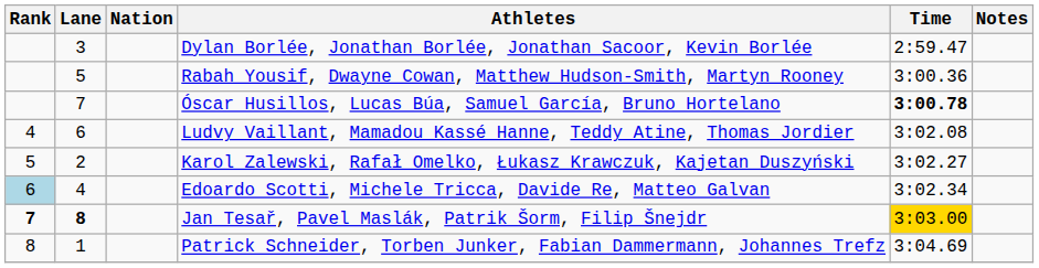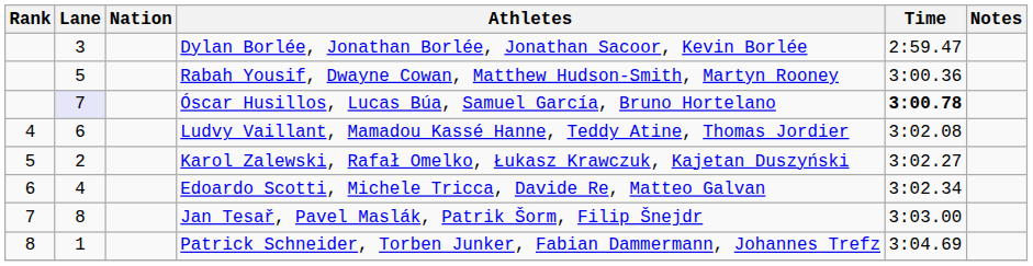 <table class="wikitable sortable" style="text-align:center">
 <tr>
 <th>Rank</th>
 <th>Lane</th>
 <th>Nation</th>
 <th>Athletes</th>
 <th>Time</th>
 <th>Notes</th>
 </tr>
 <tr>
 <td></td>
 <td>3</td>
 <td align=left></td>
 <td align=left><a href='#'>Dylan Borlée</a>, <a href='#'>Jonathan Borlée</a>, <a href='#'>Jonathan Sacoor</a>, <a href='#'>Kevin Borlée</a></td>
 <td>2:59.47</td>
 <td><strong></strong></td>
 </tr>
 <tr>
 <td></td>
 <td>5</td>
 <td align=left></td>
 <td align=left><a href='#'>Rabah Yousif</a>, <a href='#'>Dwayne Cowan</a>, <a href='#'>Matthew Hudson-Smith</a>, <a href='#'>Martyn Rooney</a></td>
 <td>3:00.36</td>
 <td></td>
 </tr>
 <tr>
 <td></td>
-<td>7</td>
+<td style="background: lavender;">7</td>
 <td align=left></td>
 <td align=left><a href='#'>Óscar Husillos</a>, <a href='#'>Lucas Búa</a>, <a href='#'>Samuel García</a>, <a href='#'>Bruno Hortelano</a></td>
 <td><strong>3:00.78</strong></td>
 <td></td>
 </tr>
 <tr>
 <td>4</td>
 <td>6</td>
 <td align=left></td>
 <td align=left><a href='#'>Ludvy Vaillant</a>, <a href='#'>Mamadou Kassé Hanne</a>, <a href='#'>Teddy Atine</a>, <a href='#'>Thomas Jordier</a></td>
 <td>3:02.08</td>
 <td></td>
 </tr>
 <tr>
 <td>5</td>
 <td>2</td>
 <td align=left></td>
 <td align=left><a href='#'>Karol Zalewski</a>, <a href='#'>Rafał Omelko</a>, <a href='#'>Łukasz Krawczuk</a>, <a href='#'>Kajetan Duszyński</a></td>
 <td>3:02.27</td>
 <td></td>
 </tr>
 <tr>
-<td style="background: lightblue;">6</td>
+<td>6</td>
 <td>4</td>
 <td align=left></td>
 <td align=left><a href='#'>Edoardo Scotti</a>, <a href='#'>Michele Tricca</a>, <a href='#'>Davide Re</a>, <a href='#'>Matteo Galvan</a></td>
 <td>3:02.34</td>
 <td></td>
 </tr>
 <tr>
-<td><strong>7</strong></td>
-<td><strong>8</strong></td>
+<td>7</td>
+<td>8</td>
 <td align=left></td>
 <td align=left><a href='#'>Jan Tesař</a>, <a href='#'>Pavel Maslák</a>, <a href='#'>Patrik Šorm</a>, <a href='#'>Filip Šnejdr</a></td>
-<td style="background: gold;">3:03.00</td>
+<td>3:03.00</td>
 <td></td>
 </tr>
 <tr>
 <td>8</td>
 <td>1</td>
 <td align=left></td>
 <td align=left><a href='#'>Patrick Schneider</a>, <a href='#'>Torben Junker</a>, <a href='#'>Fabian Dammermann</a>, <a href='#'>Johannes Trefz</a></td>
 <td>3:04.69</td>
 <td></td>
 </tr>
 <tr>
 </tr>
 </table>
